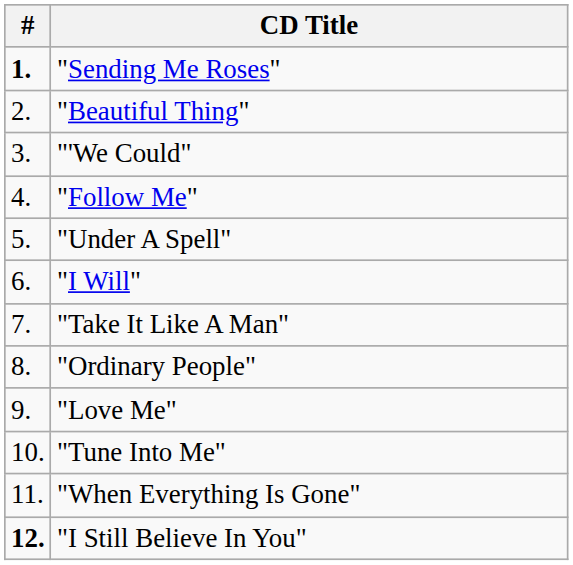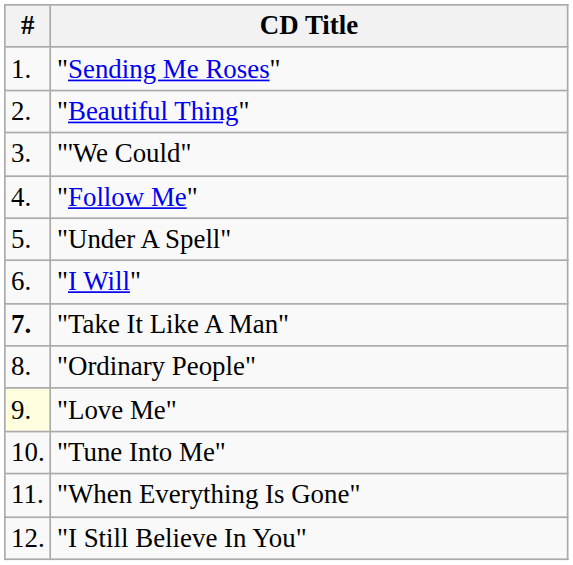 <table class="wikitable">
 <tr>
 <th>#</th>
 <th width="300">CD Title</th>
 </tr>
 <tr>
-<td><strong>1.</strong></td>
+<td>1.</td>
 <td>"<a href='#'>Sending Me Roses</a>"</td>
 </tr>
 <tr>
 <td>2.</td>
 <td>"<a href='#'>Beautiful Thing</a>"</td>
 </tr>
 <tr>
 <td>3.</td>
 <td>"'We Could"</td>
 </tr>
 <tr>
 <td>4.</td>
 <td>"<a href='#'>Follow Me</a>"</td>
 </tr>
 <tr>
 <td>5.</td>
 <td>"Under A Spell"</td>
 </tr>
 <tr>
 <td>6.</td>
 <td>"<a href='#'>I Will</a>"</td>
 </tr>
 <tr>
-<td>7.</td>
+<td><strong>7.</strong></td>
 <td>"Take It Like A Man"</td>
 </tr>
 <tr>
 <td>8.</td>
 <td>"Ordinary People"</td>
 </tr>
 <tr>
-<td>9.</td>
+<td style="background: lightyellow;">9.</td>
 <td>"Love Me"</td>
 </tr>
 <tr>
 <td>10.</td>
 <td>"Tune Into Me"</td>
 </tr>
 <tr>
 <td>11.</td>
 <td>"When Everything Is Gone"</td>
 </tr>
 <tr>
-<td><strong>12.</strong></td>
+<td>12.</td>
 <td>"I Still Believe In You"</td>
 </tr>
 </table>
